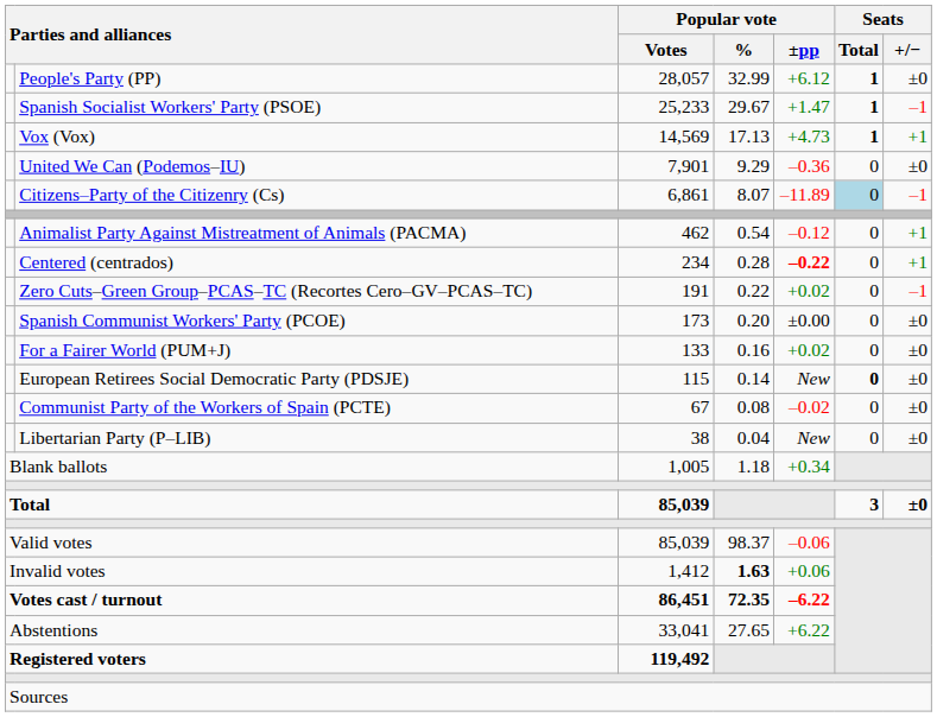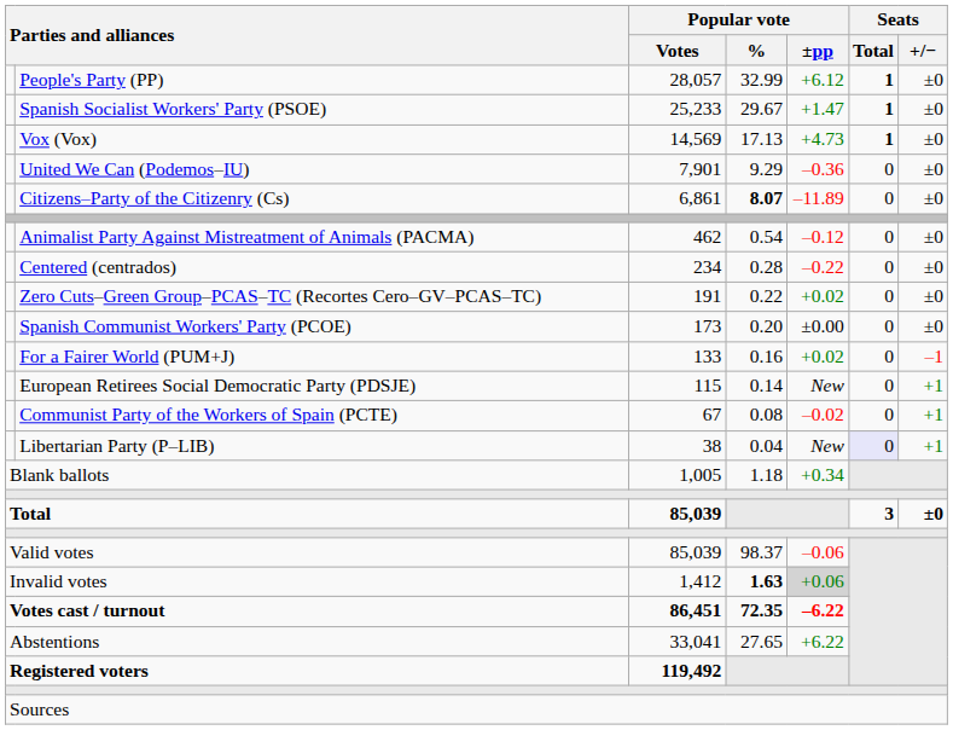 <table class="wikitable" style="text-align:right;">
 <tr>
 <th style="text-align:left;" rowspan="2" colspan="2" width="525">Parties and alliances</th>
 <th colspan="3">Popular vote</th>
 <th colspan="2">Seats</th>
 </tr>
 <tr>
 <th width="75">Votes</th>
 <th width="45">%</th>
 <th width="45">±<a href='#'>pp</a></th>
 <th width="35">Total</th>
 <th width="35">+/−</th>
 </tr>
 <tr>
 <td width="1" style="color:inherit;background:"></td>
 <td align="left"><a href='#'>People's Party</a> (PP)</td>
 <td>28,057</td>
 <td>32.99</td>
 <td style="color:green;">+6.12</td>
 <td><strong>1</strong></td>
 <td>±0</td>
 </tr>
 <tr>
 <td style="color:inherit;background:"></td>
 <td align="left"><a href='#'>Spanish Socialist Workers' Party</a> (PSOE)</td>
 <td>25,233</td>
 <td>29.67</td>
 <td style="color:green;">+1.47</td>
 <td><strong>1</strong></td>
-<td style="color:red;">–1</td>
+<td>±0</td>
 </tr>
 <tr>
 <td style="color:inherit;background:"></td>
 <td align="left"><a href='#'>Vox</a> (Vox)</td>
 <td>14,569</td>
 <td>17.13</td>
 <td style="color:green;">+4.73</td>
 <td><strong>1</strong></td>
-<td style="color:green;">+1</td>
+<td>±0</td>
 </tr>
 <tr>
 <td style="color:inherit;background:"></td>
 <td align="left"><a href='#'>United We Can</a> (<a href='#'>Podemos</a>–<a href='#'>IU</a>)</td>
 <td>7,901</td>
 <td>9.29</td>
 <td style="color:red;">–0.36</td>
 <td>0</td>
 <td>±0</td>
 </tr>
 <tr>
 <td style="color:inherit;background:"></td>
 <td align="left"><a href='#'>Citizens–Party of the Citizenry</a> (Cs)</td>
 <td>6,861</td>
-<td>8.07</td>
+<td><strong>8.07</strong></td>
 <td style="color:red;">–11.89</td>
-<td style="background: lightblue;">0</td>
-<td style="color:red;">–1</td>
+<td>0</td>
+<td>±0</td>
 </tr>
 <tr>
 <td colspan="7" bgcolor="#C0C0C0"></td>
 </tr>
 <tr>
 <td style="color:inherit;background:"></td>
 <td align="left"><a href='#'>Animalist Party Against Mistreatment of Animals</a> (PACMA)</td>
 <td>462</td>
 <td>0.54</td>
 <td style="color:red;">–0.12</td>
 <td>0</td>
-<td style="color:green;">+1</td>
+<td>±0</td>
 </tr>
 <tr>
 <td style="color:inherit;background:"></td>
 <td align="left"><a href='#'>Centered</a> (centrados)</td>
 <td>234</td>
 <td>0.28</td>
-<td style="color:red;"><strong>–0.22</strong></td>
+<td style="color:red;">–0.22</td>
 <td>0</td>
-<td style="color:green;">+1</td>
+<td>±0</td>
 </tr>
 <tr>
 <td style="color:inherit;background:"></td>
 <td align="left"><a href='#'>Zero Cuts</a>–<a href='#'>Green Group</a>–<a href='#'>PCAS</a>–<a href='#'>TC</a> (Recortes Cero–GV–PCAS–TC)</td>
 <td>191</td>
 <td>0.22</td>
 <td style="color:green;">+0.02</td>
 <td>0</td>
-<td style="color:red;">–1</td>
+<td>±0</td>
 </tr>
 <tr>
 <td style="color:inherit;background:"></td>
 <td align="left"><a href='#'>Spanish Communist Workers' Party</a> (PCOE)</td>
 <td>173</td>
 <td>0.20</td>
 <td>±0.00</td>
 <td>0</td>
 <td>±0</td>
 </tr>
 <tr>
 <td style="color:inherit;background:"></td>
 <td align="left"><a href='#'>For a Fairer World</a> (PUM+J)</td>
 <td>133</td>
 <td>0.16</td>
 <td style="color:green;">+0.02</td>
 <td>0</td>
-<td>±0</td>
+<td style="color:red;">–1</td>
 </tr>
 <tr>
 <td style="color:inherit;background:"></td>
 <td align="left">European Retirees Social Democratic Party (PDSJE)</td>
 <td>115</td>
 <td>0.14</td>
 <td><em>New</em></td>
-<td><strong>0</strong></td>
-<td>±0</td>
+<td>0</td>
+<td style="color:green;">+1</td>
 </tr>
 <tr>
 <td style="color:inherit;background:"></td>
 <td align="left"><a href='#'>Communist Party of the Workers of Spain</a> (PCTE)</td>
 <td>67</td>
 <td>0.08</td>
 <td style="color:red;">–0.02</td>
 <td>0</td>
-<td>±0</td>
+<td style="color:green;">+1</td>
 </tr>
 <tr>
 <td style="color:inherit;background:"></td>
 <td align="left">Libertarian Party (P–LIB)</td>
 <td>38</td>
 <td>0.04</td>
 <td><em>New</em></td>
-<td>0</td>
-<td>±0</td>
+<td style="background: lavender;">0</td>
+<td style="color:green;">+1</td>
 </tr>
 <tr>
 <td align="left" colspan="2">Blank ballots</td>
 <td>1,005</td>
 <td>1.18</td>
 <td style="color:green;">+0.34</td>
 <td bgcolor="#E9E9E9" colspan="2"></td>
 </tr>
 <tr>
 <td colspan="7" bgcolor="#E9E9E9"></td>
 </tr>
 <tr style="font-weight:bold;">
 <td align="left" colspan="2">Total</td>
 <td>85,039</td>
 <td bgcolor="#E9E9E9" colspan="2"></td>
 <td>3</td>
 <td>±0</td>
 </tr>
 <tr>
 <td colspan="7" bgcolor="#E9E9E9"></td>
 </tr>
 <tr>
 <td align="left" colspan="2">Valid votes</td>
 <td>85,039</td>
 <td>98.37</td>
 <td style="color:red;">–0.06</td>
 <td bgcolor="#E9E9E9" colspan="2" rowspan="5"></td>
 </tr>
 <tr>
 <td align="left" colspan="2">Invalid votes</td>
 <td>1,412</td>
 <td><strong>1.63</strong></td>
-<td style="color:green;">+0.06</td>
+<td style="background: lightgrey; color:green;">+0.06</td>
 </tr>
 <tr style="font-weight:bold;">
 <td align="left" colspan="2">Votes cast / turnout</td>
 <td>86,451</td>
 <td>72.35</td>
 <td style="color:red;">–6.22</td>
 </tr>
 <tr>
 <td align="left" colspan="2">Abstentions</td>
 <td>33,041</td>
 <td>27.65</td>
 <td style="color:green;">+6.22</td>
 </tr>
 <tr style="font-weight:bold;">
 <td align="left" colspan="2">Registered voters</td>
 <td>119,492</td>
 <td bgcolor="#E9E9E9" colspan="2"></td>
 </tr>
 <tr>
 <td colspan="7" bgcolor="#E9E9E9"></td>
 </tr>
 <tr>
 <td align="left" colspan="7">Sources</td>
 </tr>
 </table>
